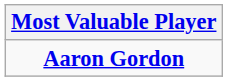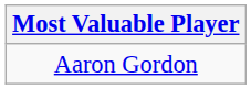 <table class=wikitable style="text-align:center; margin:auto">
 <tr>
 <th><a href='#'>Most Valuable Player</a></th>
 </tr>
 <tr>
-<td><strong> <a href='#'>Aaron Gordon</a></strong></td>
+<td> <a href='#'>Aaron Gordon</a></td>
 </tr>
 </table>
